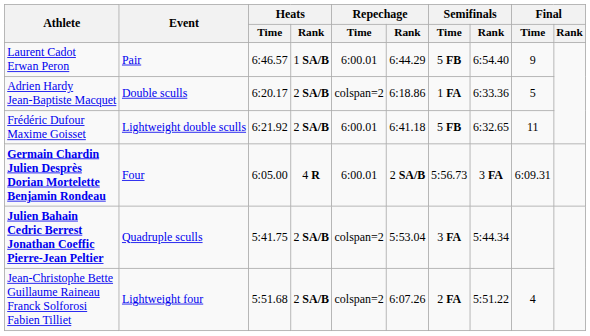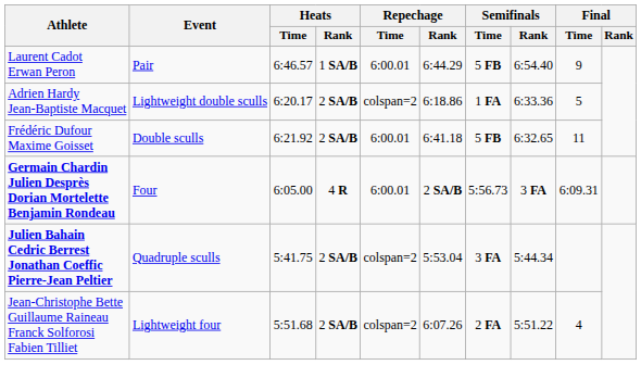 <table class="wikitable" style="font-size:90%">
 <tr>
 <th rowspan="2">Athlete</th>
 <th rowspan="2">Event</th>
 <th colspan="2">Heats</th>
 <th colspan="2">Repechage</th>
 <th colspan="2">Semifinals</th>
 <th colspan="2">Final</th>
 </tr>
 <tr style="font-size:95%">
 <th>Time</th>
 <th>Rank</th>
 <th>Time</th>
 <th>Rank</th>
 <th>Time</th>
 <th>Rank</th>
 <th>Time</th>
 <th>Rank</th>
 </tr>
 <tr align=center>
 <td align=left><a href='#'>Laurent Cadot</a><br><a href='#'>Erwan Peron</a></td>
 <td align=left><a href='#'>Pair</a></td>
 <td>6:46.57</td>
 <td>1 <strong>SA/B</strong></td>
 <td>6:00.01</td>
 <td>6:44.29</td>
 <td>5 <strong>FB</strong></td>
 <td>6:54.40</td>
 <td>9</td>
 </tr>
 <tr align=center>
 <td align=left><a href='#'>Adrien Hardy</a><br><a href='#'>Jean-Baptiste Macquet</a></td>
-<td align=left><a href='#'>Double sculls</a></td>
+<td align=left><a href='#'>Lightweight double sculls</a></td>
 <td>6:20.17</td>
 <td>2 <strong>SA/B</strong></td>
 <td>colspan=2 </td>
 <td>6:18.86</td>
 <td>1 <strong>FA</strong></td>
 <td>6:33.36</td>
 <td>5</td>
 </tr>
 <tr align=center>
 <td align=left><a href='#'>Frédéric Dufour</a><br><a href='#'>Maxime Goisset</a></td>
-<td align=left><a href='#'>Lightweight double sculls</a></td>
+<td align=left><a href='#'>Double sculls</a></td>
 <td>6:21.92</td>
 <td>2 <strong>SA/B</strong></td>
 <td>6:00.01</td>
 <td>6:41.18</td>
 <td>5 <strong>FB</strong></td>
 <td>6:32.65</td>
 <td>11</td>
 </tr>
 <tr align=center>
 <td align=left><strong><a href='#'>Germain Chardin</a><br><a href='#'>Julien Desprès</a><br><a href='#'>Dorian Mortelette</a><br><a href='#'>Benjamin Rondeau</a></strong></td>
 <td align=left><a href='#'>Four</a></td>
 <td>6:05.00</td>
 <td>4 <strong>R</strong></td>
 <td>6:00.01</td>
 <td>2 <strong>SA/B</strong></td>
 <td>5:56.73</td>
 <td>3 <strong>FA</strong></td>
 <td>6:09.31</td>
 <td></td>
 </tr>
 <tr align=center>
 <td align=left><strong><a href='#'>Julien Bahain</a><br><a href='#'>Cedric Berrest</a><br><a href='#'>Jonathan Coeffic</a><br><a href='#'>Pierre-Jean Peltier</a></strong></td>
 <td align=left><a href='#'>Quadruple sculls</a></td>
 <td>5:41.75</td>
 <td>2 <strong>SA/B</strong></td>
 <td>colspan=2 </td>
 <td>5:53.04</td>
 <td>3 <strong>FA</strong></td>
 <td>5:44.34</td>
 <td></td>
 </tr>
 <tr align=center>
 <td align=left><a href='#'>Jean-Christophe Bette</a><br><a href='#'>Guillaume Raineau</a><br><a href='#'>Franck Solforosi</a><br><a href='#'>Fabien Tilliet</a></td>
 <td align=left><a href='#'>Lightweight four</a></td>
 <td>5:51.68</td>
 <td>2 <strong>SA/B</strong></td>
 <td>colspan=2 </td>
 <td>6:07.26</td>
 <td>2 <strong>FA</strong></td>
 <td>5:51.22</td>
 <td>4</td>
 </tr>
 </table>
